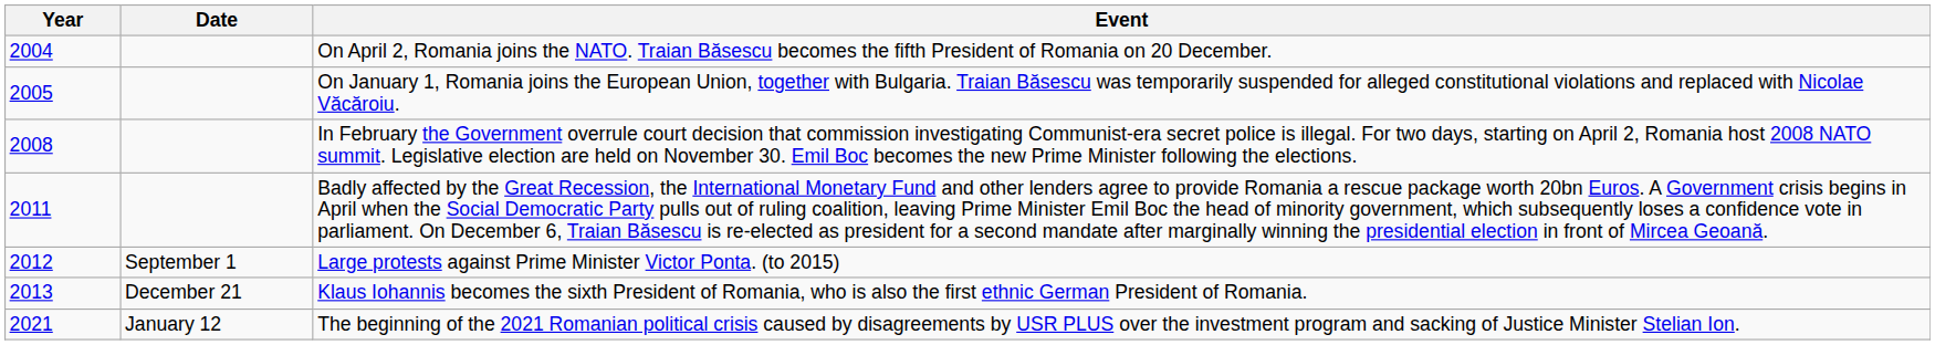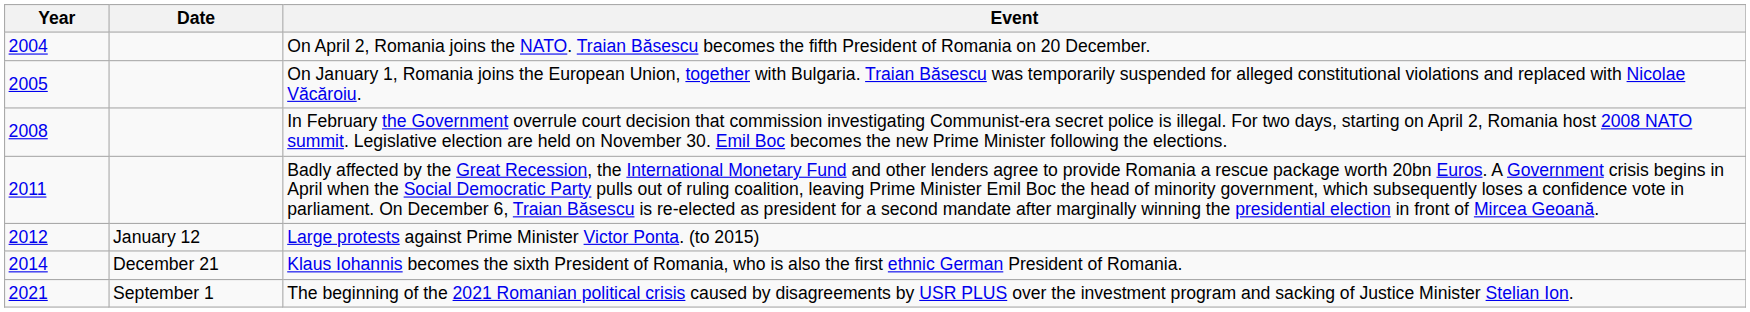 <table class="wikitable" width="100%">
 <tr>
 <th style="width:6%">Year</th>
 <th style="width:10%">Date</th>
 <th>Event</th>
 </tr>
 <tr>
 <td><a href='#'>2004</a></td>
 <td></td>
 <td>On April 2, Romania joins the <a href='#'>NATO</a>. <a href='#'>Traian Băsescu</a> becomes the fifth President of Romania on 20 December.</td>
 </tr>
 <tr>
 <td><a href='#'>2005</a></td>
 <td></td>
 <td>On January 1, Romania joins the European Union, <a href='#'>together</a> with Bulgaria. <a href='#'>Traian Băsescu</a> was temporarily suspended for alleged constitutional violations and replaced with <a href='#'>Nicolae Văcăroiu</a>.</td>
 </tr>
 <tr>
 <td><a href='#'>2008</a></td>
 <td></td>
 <td>In February <a href='#'>the Government</a> overrule court decision that commission investigating Communist-era secret police is illegal. For two days, starting on April 2, Romania host <a href='#'>2008 NATO summit</a>. Legislative election are held on November 30. <a href='#'>Emil Boc</a> becomes the new Prime Minister following the elections.</td>
 </tr>
 <tr>
 <td><a href='#'>2011</a></td>
 <td></td>
 <td>Badly affected by the <a href='#'>Great Recession</a>, the <a href='#'>International Monetary Fund</a> and other lenders agree to provide Romania a rescue package worth 20bn <a href='#'>Euros</a>. A <a href='#'>Government</a> crisis begins in April when the <a href='#'>Social Democratic Party</a> pulls out of ruling coalition, leaving Prime Minister Emil Boc the head of minority government, which subsequently loses a confidence vote in parliament. On December 6, <a href='#'>Traian Băsescu</a> is re-elected as president for a second mandate after marginally winning the <a href='#'>presidential election</a> in front of <a href='#'>Mircea Geoană</a>.</td>
 </tr>
 <tr>
 <td><a href='#'>2012</a></td>
-<td>September 1</td>
+<td>January 12</td>
 <td><a href='#'>Large protests</a> against Prime Minister <a href='#'>Victor Ponta</a>. (to 2015)</td>
 </tr>
 <tr>
-<td><a href='#'>2013</a></td>
+<td><a href='#'>2014</a></td>
 <td>December 21</td>
 <td><a href='#'>Klaus Iohannis</a> becomes the  sixth President of Romania, who is also the first <a href='#'>ethnic German</a> President of Romania.</td>
 </tr>
 <tr>
 <td><a href='#'>2021</a></td>
-<td>January 12</td>
+<td>September 1</td>
 <td>The beginning of the <a href='#'>2021 Romanian political crisis</a> caused by disagreements by <a href='#'>USR PLUS</a> over the investment program and sacking of Justice Minister <a href='#'>Stelian Ion</a>.</td>
 </tr>
 </table>
